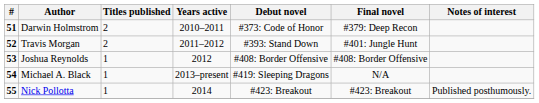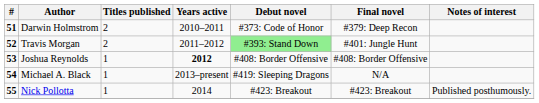 <table class="wikitable plainrowheaders sortable" style="margin-right: 0;">
 <tr>
 <th scope="col">#</th>
 <th scope="col">Author</th>
 <th scope="col">Titles published</th>
 <th scope="col">Years active</th>
 <th scope="col">Debut novel</th>
 <th scope="col">Final novel</th>
 <th scope="col">Notes of interest</th>
 </tr>
 <tr>
 <td scope="row" style="text-align:center;"><strong>51</strong></td>
 <td>Darwin Holmstrom</td>
 <td>2</td>
 <td style="text-align:center;">2010–2011</td>
 <td style="text-align:center;">#373: Code of Honor</td>
 <td style="text-align:center;">#379: Deep Recon</td>
 <td style="text-align:center;"></td>
 </tr>
 <tr>
 <td scope="row" style="text-align:center;"><strong>52</strong></td>
 <td>Travis Morgan</td>
 <td>2</td>
 <td style="text-align:center;">2011–2012</td>
-<td style="text-align:center;">#393: Stand Down</td>
+<td style="background: lightgreen; text-align:center;">#393: Stand Down</td>
 <td style="text-align:center;">#401: Jungle Hunt</td>
 <td style="text-align:center;"></td>
 </tr>
 <tr>
 <td scope="row" style="text-align:center;"><strong>53</strong></td>
 <td>Joshua Reynolds</td>
 <td>1</td>
-<td style="text-align:center;">2012</td>
+<td style="text-align:center;"><strong>2012</strong></td>
 <td style="text-align:center;">#408: Border Offensive</td>
 <td style="text-align:center;">#408: Border Offensive</td>
 <td style="text-align:center;"></td>
 </tr>
 <tr>
 <td scope="row" style="text-align:center;"><strong>54</strong></td>
 <td>Michael A. Black</td>
 <td>1 </td>
 <td style="text-align:center;">2013–present</td>
 <td style="text-align:center;">#419: Sleeping Dragons</td>
 <td style="text-align:center;">N/A</td>
 <td style="text-align:center;"></td>
 </tr>
 <tr>
 <td scope="row" style="text-align:center;"><strong>55</strong></td>
 <td><a href='#'>Nick Pollotta</a></td>
 <td>1</td>
 <td style="text-align:center;">2014</td>
 <td style="text-align:center;">#423: Breakout</td>
 <td style="text-align:center;">#423: Breakout</td>
 <td style="text-align:center;">Published posthumously.</td>
 </tr>
 <tr>
 </tr>
 </table>
